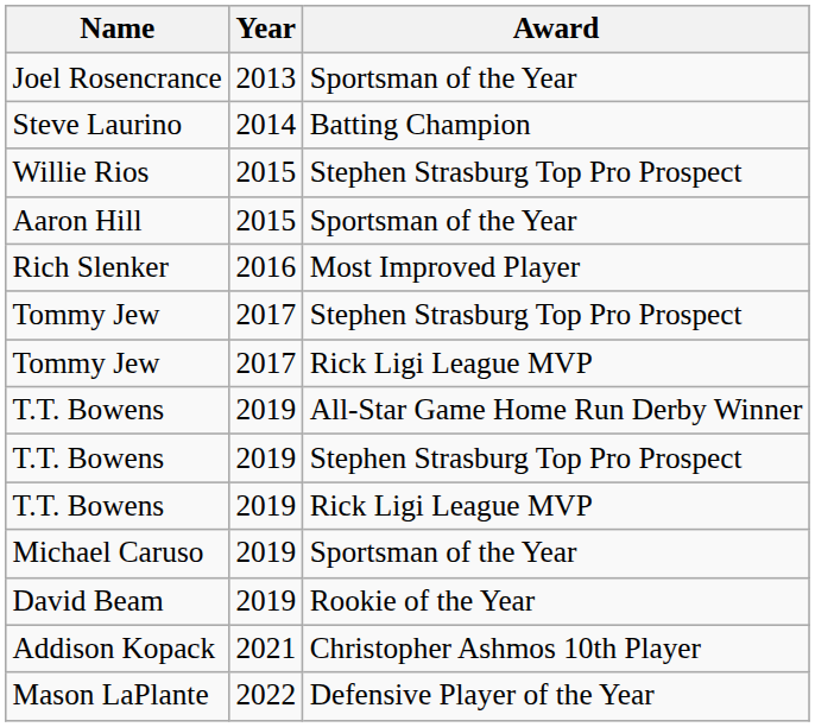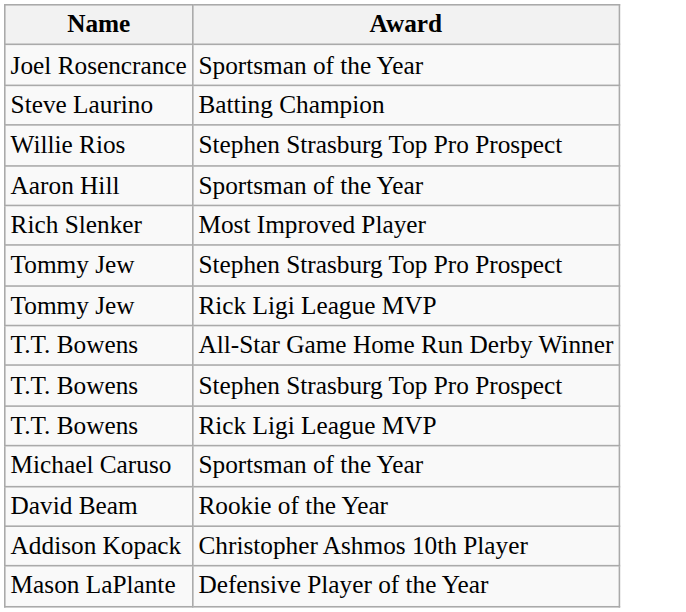 <table class="wikitable">
 <tr>
 <th>Name</th>
-<th>Year</th>
 <th>Award</th>
 </tr>
 <tr>
 <td>Joel Rosencrance</td>
-<td>2013</td>
 <td>Sportsman of the Year</td>
 </tr>
 <tr>
 <td>Steve Laurino</td>
-<td>2014</td>
 <td>Batting Champion</td>
 </tr>
 <tr>
 <td>Willie Rios</td>
-<td>2015</td>
 <td>Stephen Strasburg Top Pro Prospect</td>
 </tr>
 <tr>
 <td>Aaron Hill</td>
-<td>2015</td>
 <td>Sportsman of the Year</td>
 </tr>
 <tr>
 <td>Rich Slenker</td>
-<td>2016</td>
 <td>Most Improved Player</td>
 </tr>
 <tr>
 <td>Tommy Jew</td>
-<td>2017</td>
 <td>Stephen Strasburg Top Pro Prospect</td>
 </tr>
 <tr>
 <td>Tommy Jew</td>
-<td>2017</td>
 <td>Rick Ligi League MVP</td>
 </tr>
 <tr>
 <td>T.T. Bowens</td>
-<td>2019</td>
 <td>All-Star Game Home Run Derby Winner</td>
 </tr>
 <tr>
 <td>T.T. Bowens</td>
-<td>2019</td>
 <td>Stephen Strasburg Top Pro Prospect</td>
 </tr>
 <tr>
 <td>T.T. Bowens</td>
-<td>2019</td>
 <td>Rick Ligi League MVP</td>
 </tr>
 <tr>
 <td>Michael Caruso</td>
-<td>2019</td>
 <td>Sportsman of the Year</td>
 </tr>
 <tr>
 <td>David Beam</td>
-<td>2019</td>
 <td>Rookie of the Year</td>
 </tr>
 <tr>
 <td>Addison Kopack</td>
-<td>2021</td>
 <td>Christopher Ashmos 10th Player</td>
 </tr>
 <tr>
 <td>Mason LaPlante</td>
-<td>2022</td>
 <td>Defensive Player of the Year</td>
 </tr>
 </table>
